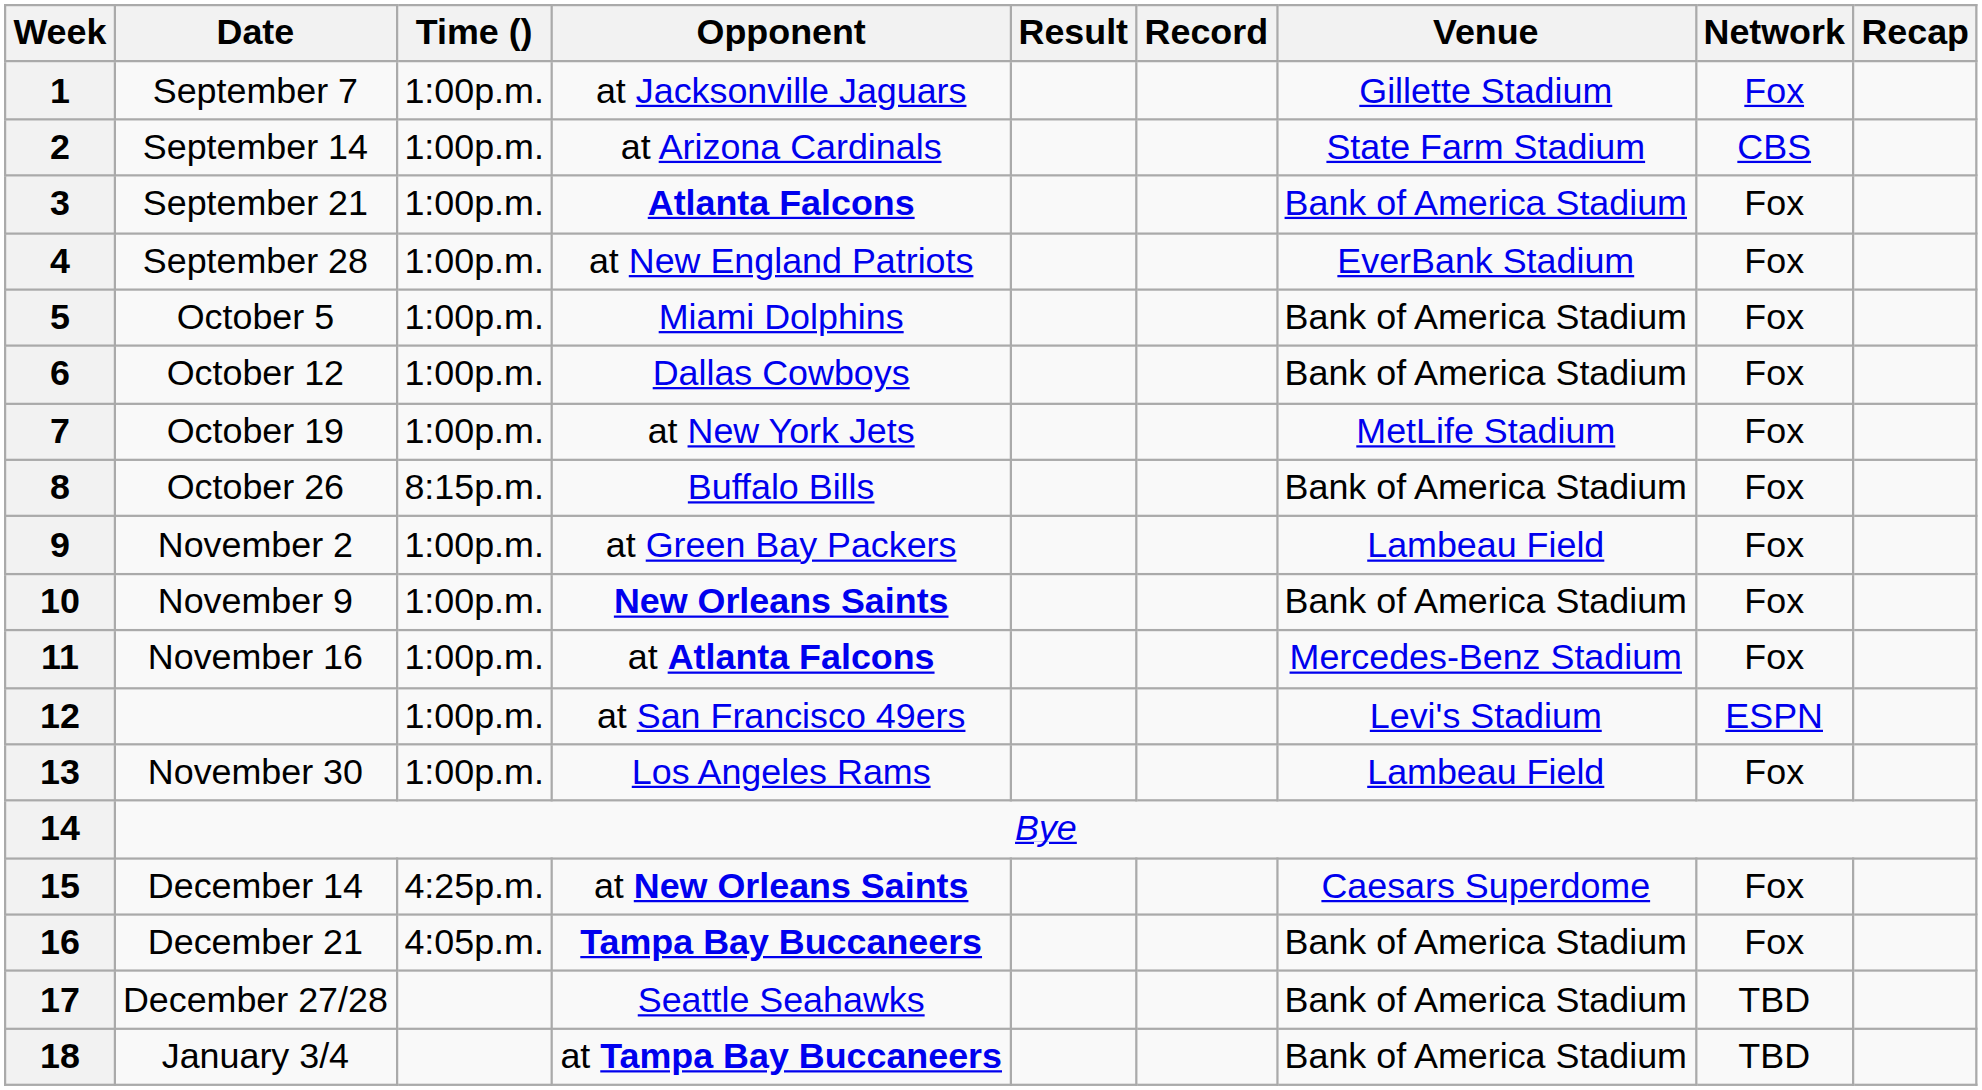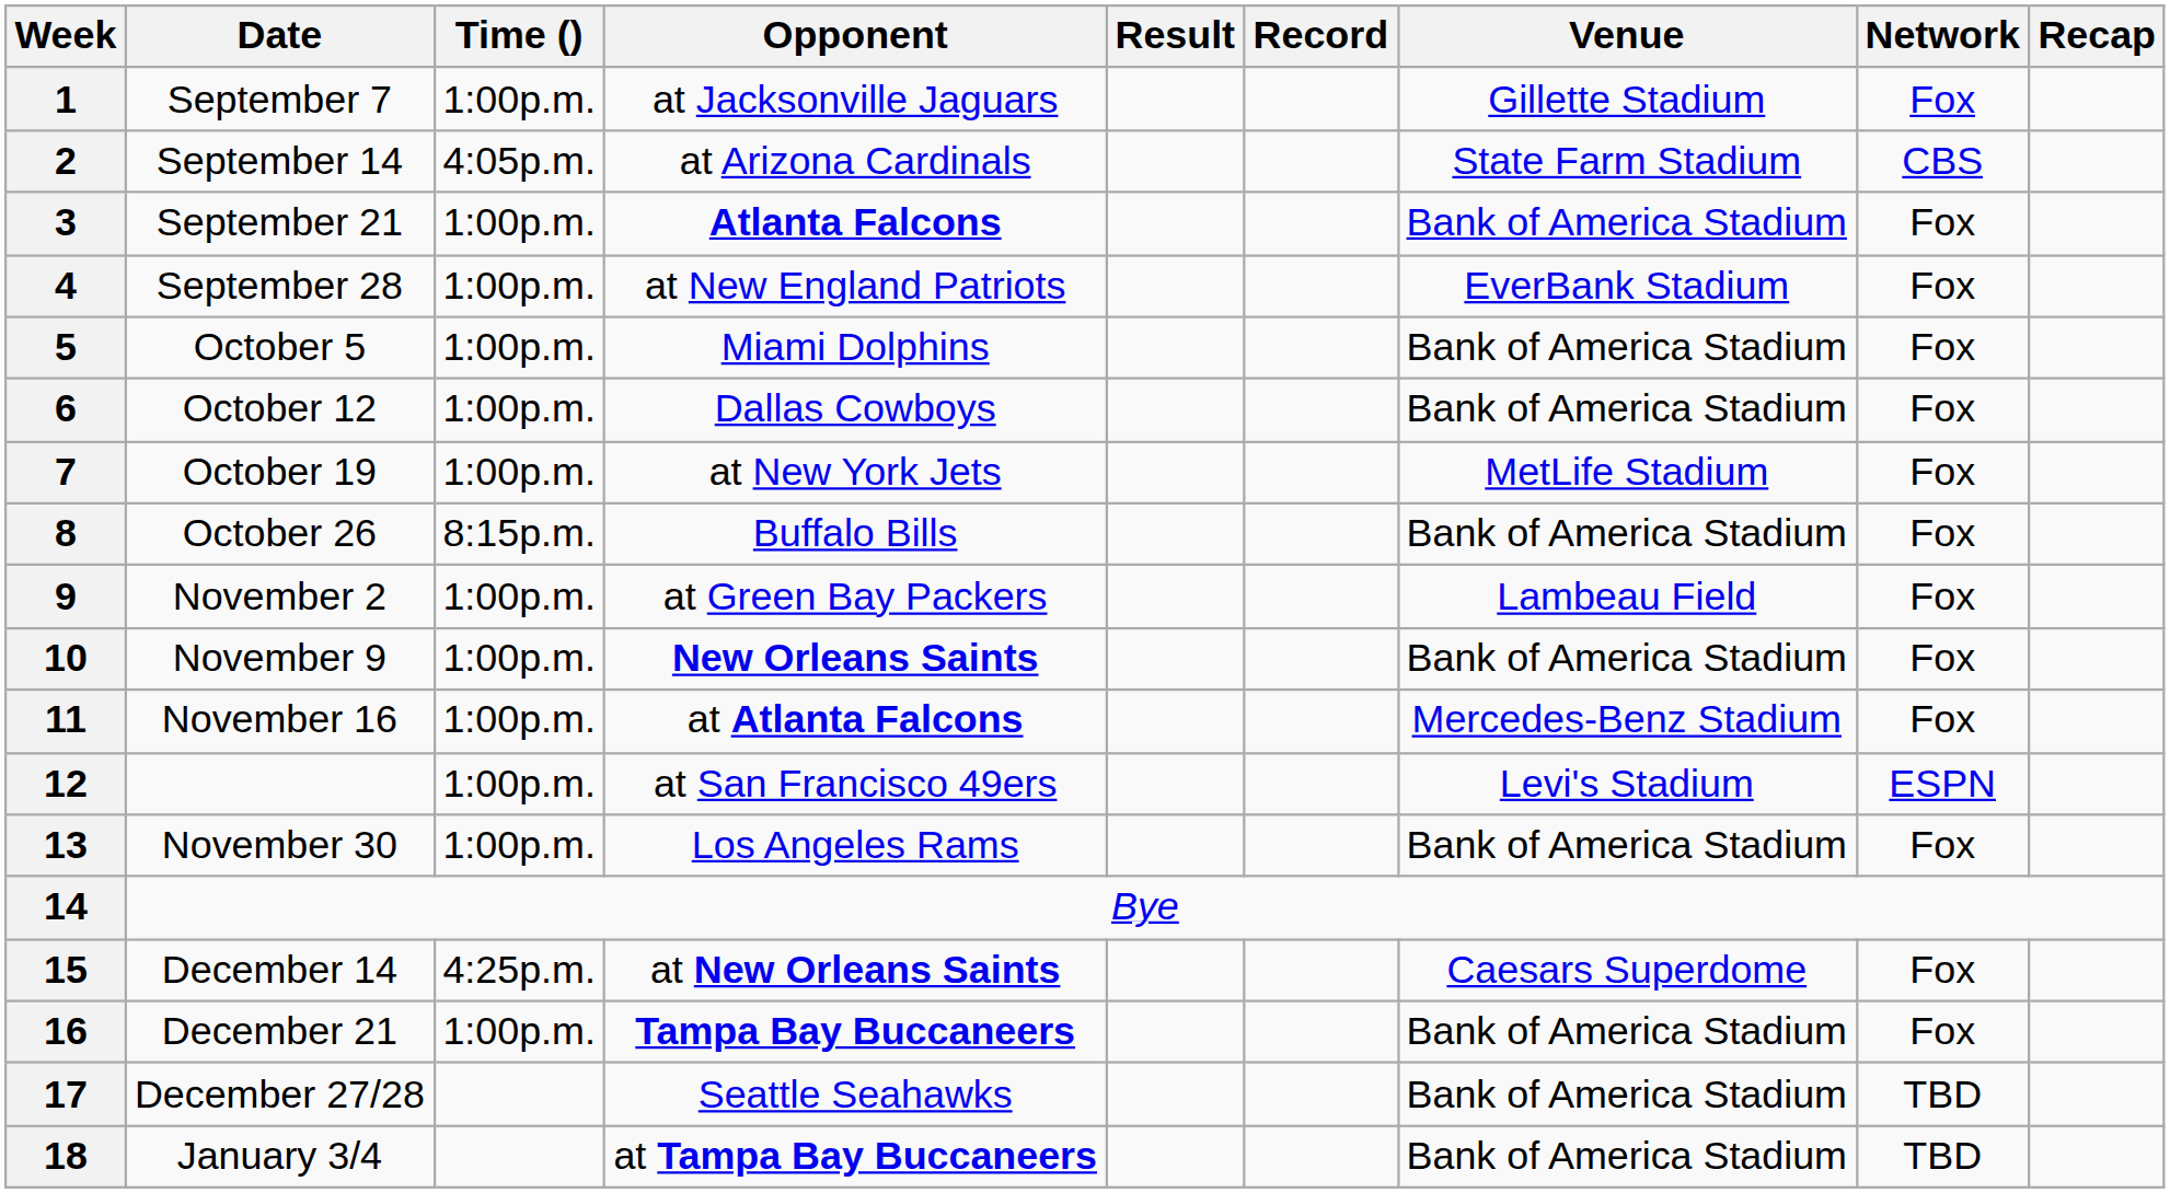 <table class="wikitable" style="text-align:center">
 <tr>
 <th>Week</th>
 <th>Date</th>
 <th>Time (<a href='#'></a>)</th>
 <th>Opponent</th>
 <th>Result</th>
 <th>Record</th>
 <th>Venue</th>
 <th>Network</th>
 <th>Recap</th>
 </tr>
 <tr>
 <th>1 </th>
 <td>September 7</td>
 <td>1:00p.m.</td>
 <td>at <a href='#'>Jacksonville Jaguars</a></td>
 <td></td>
 <td></td>
 <td><a href='#'>Gillette Stadium</a></td>
 <td><a href='#'>Fox</a></td>
 <td></td>
 </tr>
 <tr>
 <th>2 </th>
 <td>September 14</td>
-<td>1:00p.m.</td>
+<td>4:05p.m.</td>
 <td>at <a href='#'>Arizona Cardinals</a></td>
 <td></td>
 <td></td>
 <td><a href='#'>State Farm Stadium</a></td>
 <td><a href='#'>CBS</a></td>
 <td></td>
 </tr>
 <tr>
 <th>3 </th>
 <td>September 21</td>
 <td>1:00p.m.</td>
 <td><strong><a href='#'>Atlanta Falcons</a></strong></td>
 <td></td>
 <td></td>
 <td><a href='#'>Bank of America Stadium</a></td>
 <td>Fox</td>
 <td></td>
 </tr>
 <tr>
 <th>4 </th>
 <td>September 28</td>
 <td>1:00p.m.</td>
 <td>at <a href='#'>New England Patriots</a></td>
 <td></td>
 <td></td>
 <td><a href='#'>EverBank Stadium</a></td>
 <td>Fox</td>
 <td></td>
 </tr>
 <tr>
 <th>5 </th>
 <td>October 5</td>
 <td>1:00p.m.</td>
 <td><a href='#'>Miami Dolphins</a></td>
 <td></td>
 <td></td>
 <td>Bank of America Stadium</td>
 <td>Fox</td>
 <td></td>
 </tr>
 <tr>
 <th>6 </th>
 <td>October 12</td>
 <td>1:00p.m.</td>
 <td><a href='#'>Dallas Cowboys</a></td>
 <td></td>
 <td></td>
 <td>Bank of America Stadium</td>
 <td>Fox</td>
 <td></td>
 </tr>
 <tr>
 <th>7 </th>
 <td>October 19</td>
 <td>1:00p.m.</td>
 <td>at <a href='#'>New York Jets</a></td>
 <td></td>
 <td></td>
 <td><a href='#'>MetLife Stadium</a></td>
 <td>Fox</td>
 <td></td>
 </tr>
 <tr>
 <th>8 </th>
 <td>October 26</td>
 <td>8:15p.m.</td>
 <td><a href='#'>Buffalo Bills</a></td>
 <td></td>
 <td></td>
 <td>Bank of America Stadium</td>
 <td>Fox</td>
 <td></td>
 </tr>
 <tr>
 <th>9 </th>
 <td>November 2</td>
 <td>1:00p.m.</td>
 <td>at <a href='#'>Green Bay Packers</a></td>
 <td></td>
 <td></td>
 <td><a href='#'>Lambeau Field</a></td>
 <td>Fox</td>
 <td></td>
 </tr>
 <tr>
 <th>10 </th>
 <td>November 9</td>
 <td>1:00p.m.</td>
 <td><strong><a href='#'>New Orleans Saints</a></strong></td>
 <td></td>
 <td></td>
 <td>Bank of America Stadium</td>
 <td>Fox</td>
 <td></td>
 </tr>
 <tr>
 <th>11 </th>
 <td>November 16</td>
 <td>1:00p.m.</td>
 <td>at <strong><a href='#'>Atlanta Falcons</a></strong></td>
 <td></td>
 <td></td>
 <td><a href='#'>Mercedes-Benz Stadium</a></td>
 <td>Fox</td>
 <td></td>
 </tr>
 <tr>
 <th>12 </th>
 <td></td>
 <td>1:00p.m.</td>
 <td>at <a href='#'>San Francisco 49ers</a></td>
 <td></td>
 <td></td>
 <td><a href='#'>Levi's Stadium</a></td>
 <td><a href='#'>ESPN</a></td>
 <td></td>
 </tr>
 <tr>
 <th>13 </th>
 <td>November 30</td>
 <td>1:00p.m.</td>
 <td><a href='#'>Los Angeles Rams</a></td>
 <td></td>
 <td></td>
-<td><a href='#'>Lambeau Field</a></td>
+<td>Bank of America Stadium</td>
 <td>Fox</td>
 <td></td>
 </tr>
 <tr>
 <th>14</th>
 <td colspan=8><em><a href='#'>Bye</a></em></td>
 </tr>
 <tr>
 <th>15 </th>
 <td>December 14</td>
 <td>4:25p.m.</td>
 <td>at <strong><a href='#'>New Orleans Saints</a></strong></td>
 <td></td>
 <td></td>
 <td><a href='#'>Caesars Superdome</a></td>
 <td>Fox</td>
 <td></td>
 </tr>
 <tr>
 <th>16 </th>
 <td>December 21</td>
-<td>4:05p.m.</td>
+<td>1:00p.m.</td>
 <td><strong><a href='#'>Tampa Bay Buccaneers</a></strong></td>
 <td></td>
 <td></td>
 <td>Bank of America Stadium</td>
 <td>Fox</td>
 <td></td>
 </tr>
 <tr>
 <th>17 </th>
 <td>December 27/28</td>
 <td></td>
 <td><a href='#'>Seattle Seahawks</a></td>
 <td></td>
 <td></td>
 <td>Bank of America Stadium</td>
 <td>TBD</td>
 <td></td>
 </tr>
 <tr>
 <th>18 </th>
 <td>January 3/4</td>
 <td></td>
 <td>at <strong><a href='#'>Tampa Bay Buccaneers</a></strong></td>
 <td></td>
 <td></td>
 <td>Bank of America Stadium</td>
 <td>TBD</td>
 <td></td>
 </tr>
 </table>
